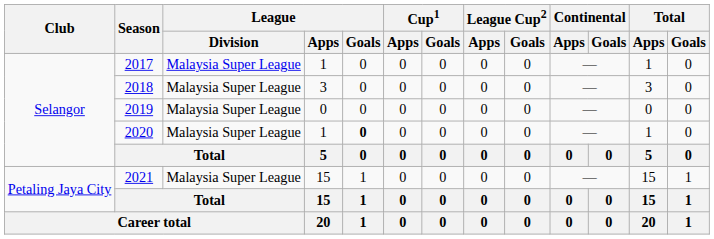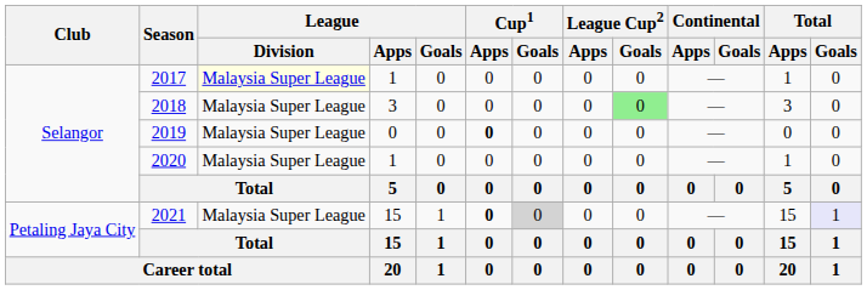 <table class="wikitable" style="text-align:center;">
 <tr>
 <th rowspan="2">Club</th>
 <th rowspan="2">Season</th>
 <th colspan="3">League</th>
 <th colspan="2">Cup<sup>1</sup></th>
 <th colspan="2">League Cup<sup>2</sup></th>
 <th colspan=2>Continental</th>
 <th colspan=2>Total</th>
 </tr>
 <tr>
 <th>Division</th>
 <th>Apps</th>
 <th>Goals</th>
 <th>Apps</th>
 <th>Goals</th>
 <th>Apps</th>
 <th>Goals</th>
 <th>Apps</th>
 <th>Goals</th>
 <th>Apps</th>
 <th>Goals</th>
 </tr>
 <tr>
 <td rowspan="5"><a href='#'>Selangor</a></td>
 <td><a href='#'>2017</a></td>
-<td><a href='#'>Malaysia Super League</a></td>
+<td style="background: lightyellow;"><a href='#'>Malaysia Super League</a></td>
 <td>1</td>
 <td>0</td>
 <td>0</td>
 <td>0</td>
 <td>0</td>
 <td>0</td>
 <td colspan=2>—</td>
 <td>1</td>
 <td>0</td>
 </tr>
 <tr>
 <td><a href='#'>2018</a></td>
 <td>Malaysia Super League</td>
 <td>3</td>
 <td>0</td>
 <td>0</td>
 <td>0</td>
 <td>0</td>
-<td>0</td>
+<td style="background: lightgreen;">0</td>
 <td colspan=2>—</td>
 <td>3</td>
 <td>0</td>
 </tr>
 <tr>
 <td><a href='#'>2019</a></td>
 <td>Malaysia Super League</td>
 <td>0</td>
 <td>0</td>
-<td>0</td>
+<td><strong>0</strong></td>
 <td>0</td>
 <td>0</td>
 <td>0</td>
 <td colspan=2>—</td>
 <td>0</td>
 <td>0</td>
 </tr>
 <tr>
 <td><a href='#'>2020</a></td>
 <td>Malaysia Super League</td>
 <td>1</td>
-<td><strong>0</strong></td>
+<td>0</td>
 <td>0</td>
 <td>0</td>
 <td>0</td>
 <td>0</td>
 <td colspan=2>—</td>
 <td>1</td>
 <td>0</td>
 </tr>
 <tr>
 <th colspan=2>Total</th>
 <th>5</th>
 <th>0</th>
 <th>0</th>
 <th>0</th>
 <th>0</th>
 <th>0</th>
 <th>0</th>
 <th>0</th>
 <th>5</th>
 <th>0</th>
 </tr>
 <tr>
 <td rowspan="2"><a href='#'>Petaling Jaya City</a></td>
 <td><a href='#'>2021</a></td>
 <td>Malaysia Super League</td>
 <td>15</td>
 <td>1</td>
-<td>0</td>
-<td>0</td>
+<td><strong>0</strong></td>
+<td style="background: lightgrey;">0</td>
 <td>0</td>
 <td>0</td>
 <td colspan=2>—</td>
 <td>15</td>
-<td>1</td>
+<td style="background: lavender;">1</td>
 </tr>
 <tr>
 <th colspan=2>Total</th>
 <th>15</th>
 <th>1</th>
 <th>0</th>
 <th>0</th>
 <th>0</th>
 <th>0</th>
 <th>0</th>
 <th>0</th>
 <th>15</th>
 <th>1</th>
 </tr>
 <tr>
 <th colspan="3">Career total</th>
 <th>20</th>
 <th>1</th>
 <th>0</th>
 <th>0</th>
 <th>0</th>
 <th>0</th>
 <th>0</th>
 <th>0</th>
 <th>20</th>
 <th>1</th>
 </tr>
 </table>
